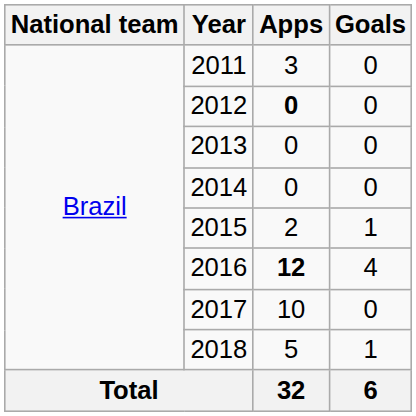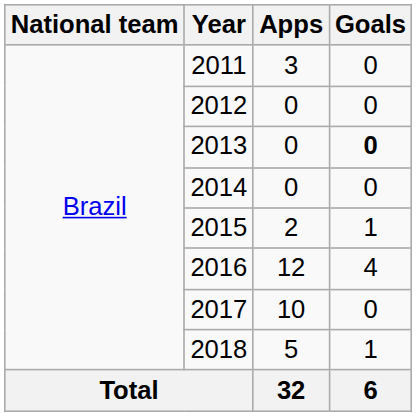 <table class="wikitable" style="text-align:center">
 <tr>
 <th>National team</th>
 <th>Year</th>
 <th>Apps</th>
 <th>Goals</th>
 </tr>
 <tr>
 <td rowspan="8"><a href='#'>Brazil</a></td>
 <td>2011</td>
 <td>3</td>
 <td>0</td>
 </tr>
 <tr>
 <td>2012</td>
-<td><strong>0</strong></td>
+<td>0</td>
 <td>0</td>
 </tr>
 <tr>
 <td>2013</td>
 <td>0</td>
-<td>0</td>
+<td><strong>0</strong></td>
 </tr>
 <tr>
 <td>2014</td>
 <td>0</td>
 <td>0</td>
 </tr>
 <tr>
 <td>2015</td>
 <td>2</td>
 <td>1</td>
 </tr>
 <tr>
 <td>2016</td>
-<td><strong>12</strong></td>
+<td>12</td>
 <td>4</td>
 </tr>
 <tr>
 <td>2017</td>
 <td>10</td>
 <td>0</td>
 </tr>
 <tr>
 <td>2018</td>
 <td>5</td>
 <td>1</td>
 </tr>
 <tr>
 <th colspan="2">Total</th>
 <th>32</th>
 <th>6</th>
 </tr>
 </table>
